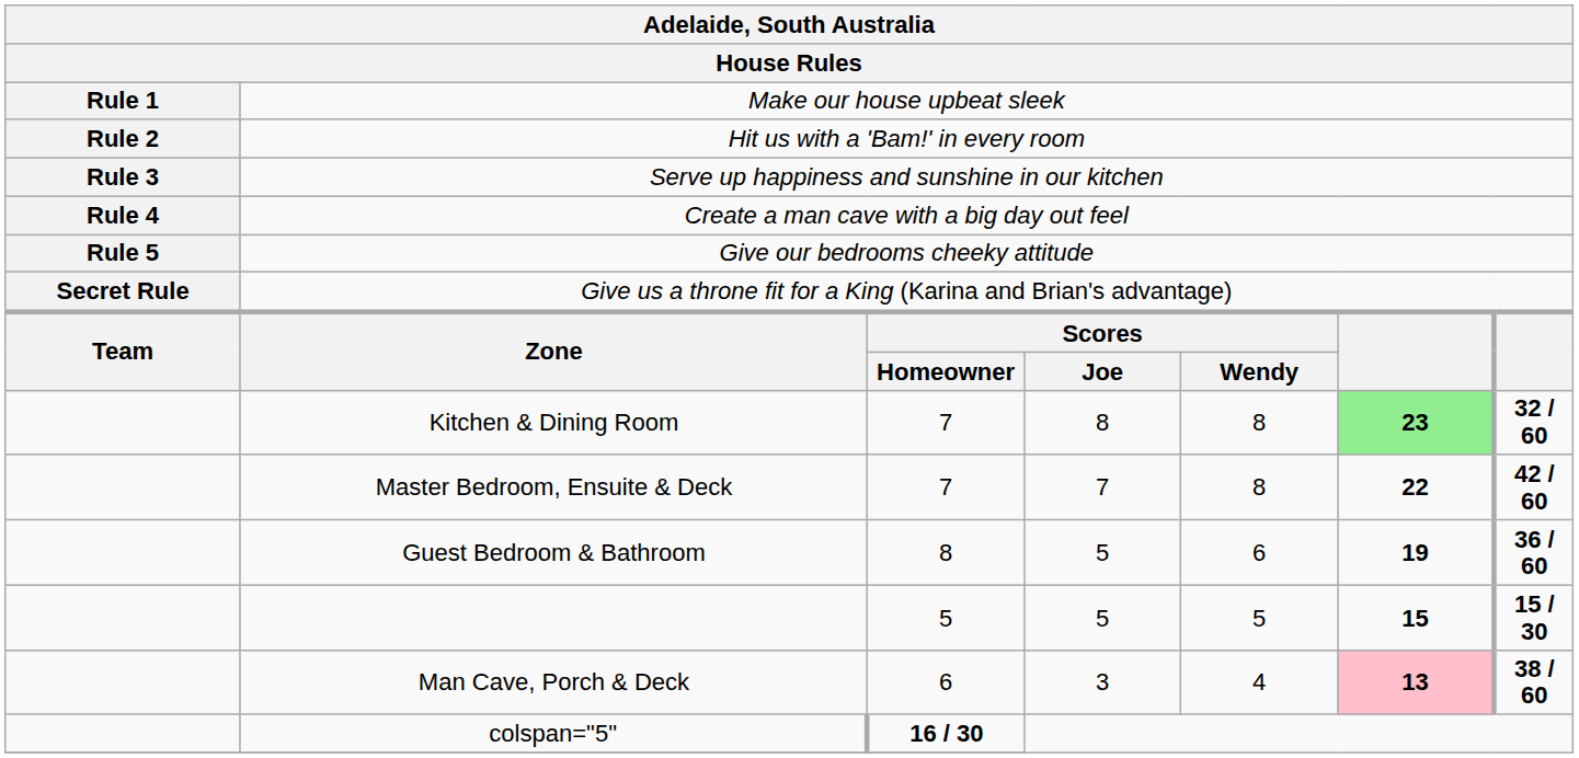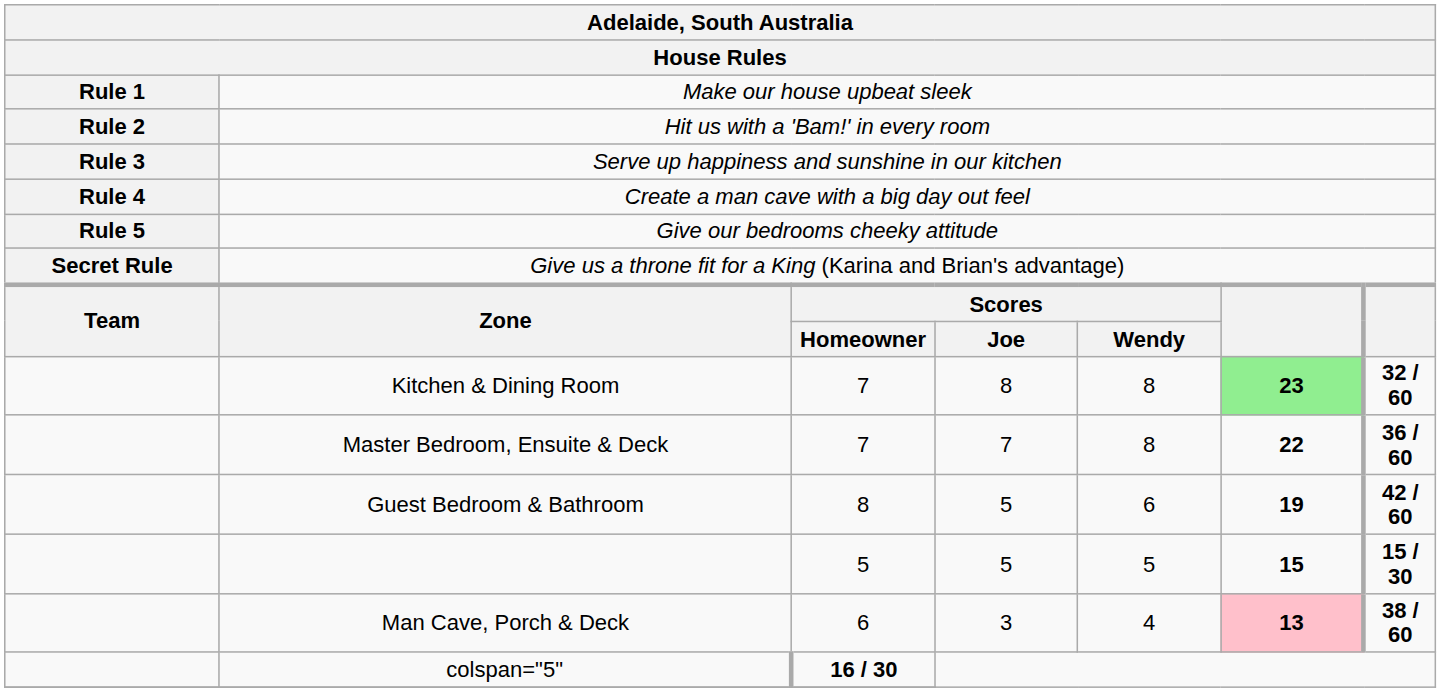 <table class="wikitable plainrowheaders" style="text-align:center; font-size:90%; width:65em;">
 <tr>
 <th colspan="7" >Adelaide, South Australia</th>
 </tr>
 <tr>
 <th colspan="7">House Rules</th>
 </tr>
 <tr>
 <th>Rule 1</th>
 <td colspan="6"><em>Make our house upbeat sleek</em></td>
 </tr>
 <tr>
 <th>Rule 2</th>
 <td colspan="6"><em>Hit us with a 'Bam!' in every room</em></td>
 </tr>
 <tr>
 <th>Rule 3</th>
 <td colspan="6"><em>Serve up happiness and sunshine in our kitchen</em></td>
 </tr>
 <tr>
 <th>Rule 4</th>
 <td colspan="6"><em>Create a man cave with a big day out feel</em></td>
 </tr>
 <tr>
 <th>Rule 5</th>
 <td colspan="6"><em>Give our bedrooms cheeky attitude</em></td>
 </tr>
 <tr>
 <th>Secret Rule</th>
 <td colspan="6"><em>Give us a throne fit for a King</em> (Karina and Brian's advantage)</td>
 </tr>
 <tr style="border-top:3px solid #aaa;">
 <th rowspan="2">Team</th>
 <th rowspan="2" style="width:40%;">Zone</th>
 <th colspan="3" style="width:40%;">Scores</th>
 <th rowspan="2" style="width:10%;"></th>
 <th rowspan="2" style="width:10%; border-left:3px solid #aaa;"></th>
 </tr>
 <tr>
 <th style="width:10%;">Homeowner</th>
 <th style="width:10%;">Joe</th>
 <th style="width:10%;">Wendy</th>
 </tr>
 <tr>
 <td style="width:15%;"></td>
 <td>Kitchen & Dining Room</td>
 <td>7</td>
 <td>8</td>
 <td>8</td>
 <td bgcolor="lightgreen"><strong>23</strong></td>
 <td style="border-left:3px solid #aaa;"><strong>32 / 60</strong></td>
 </tr>
 <tr>
 <td style="width:15%;"></td>
 <td>Master Bedroom, Ensuite & Deck</td>
 <td>7</td>
 <td>7</td>
 <td>8</td>
 <td><strong>22</strong></td>
-<td style="border-left:3px solid #aaa;"><strong>42 / 60</strong></td>
+<td style="border-left:3px solid #aaa;"><strong> 36 / 60</strong></td>
 </tr>
 <tr>
 <td style="width:15%;"></td>
 <td>Guest Bedroom & Bathroom</td>
 <td>8</td>
 <td>5</td>
 <td>6</td>
 <td><strong>19</strong></td>
-<td style="border-left:3px solid #aaa;"><strong> 36 / 60</strong></td>
+<td style="border-left:3px solid #aaa;"><strong>42 / 60</strong></td>
 </tr>
 <tr>
 <td style="width:15%;"></td>
 <td></td>
 <td>5</td>
 <td>5</td>
 <td>5</td>
 <td><strong>15</strong></td>
 <td style="border-left:3px solid #aaa;"><strong>15 / 30</strong></td>
 </tr>
 <tr>
 <td style="width:15%;"></td>
 <td>Man Cave, Porch & Deck</td>
 <td>6</td>
 <td>3</td>
 <td>4</td>
 <td bgcolor="pink"><strong>13</strong></td>
 <td style="border-left:3px solid #aaa;"><strong>38 / 60</strong></td>
 </tr>
 <tr>
 <td style="width:15%;"></td>
 <td>colspan="5" </td>
 <td style="border-left:3px solid #aaa;"><strong>16 / 30</strong></td>
 </tr>
 <tr>
 </tr>
 </table>
